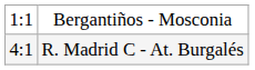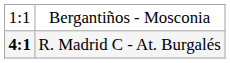 <table class="wikitable">
 <tr align=center bgcolor=white>
 <td>1:1</td>
 <td>Bergantiños - Mosconia</td>
 </tr>
 <tr align=center bgcolor=#F5F5F5>
-<td>4:1</td>
+<td><strong>4:1</strong></td>
 <td>R. Madrid C - At. Burgalés</td>
 </tr>
 </table>
